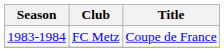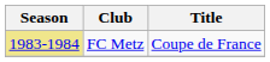 <table class="wikitable">
 <tr>
 <th>Season</th>
 <th>Club</th>
 <th>Title</th>
 </tr>
 <tr>
-<td><a href='#'>1983-1984</a></td>
+<td style="background: khaki;"><a href='#'>1983-1984</a></td>
 <td><a href='#'>FC Metz</a></td>
 <td><a href='#'>Coupe de France</a></td>
 </tr>
 <tr>
 </tr>
 </table>
